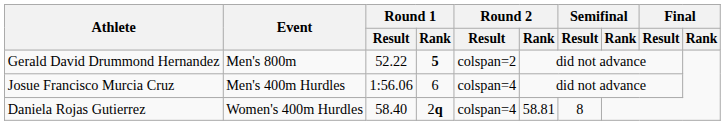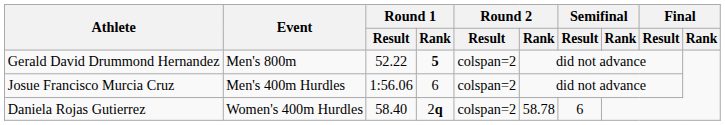 <table class="wikitable" style="font-size:90%">
 <tr>
 <th rowspan="2">Athlete</th>
 <th rowspan="2">Event</th>
 <th colspan="2">Round 1</th>
 <th colspan="2">Round 2</th>
 <th colspan="2">Semifinal</th>
 <th colspan="2">Final</th>
 </tr>
 <tr style="font-size:95%">
 <th>Result</th>
 <th>Rank</th>
 <th>Result</th>
 <th>Rank</th>
 <th>Result</th>
 <th>Rank</th>
 <th>Result</th>
 <th>Rank</th>
 </tr>
 <tr align=center>
 <td align=left>Gerald David Drummond Hernandez</td>
 <td align=left>Men's 800m</td>
 <td>52.22</td>
 <td><strong>5</strong></td>
 <td>colspan=2 </td>
 <td colspan=4>did not advance</td>
 </tr>
 <tr align=center>
 <td align=left>Josue Francisco Murcia Cruz</td>
 <td align=left>Men's 400m Hurdles</td>
 <td>1:56.06</td>
 <td>6</td>
-<td>colspan=4 </td>
+<td>colspan=2 </td>
 <td colspan=4>did not advance</td>
 </tr>
 <tr align=center>
 <td align=left>Daniela Rojas Gutierrez</td>
 <td align=left>Women's 400m Hurdles</td>
 <td>58.40</td>
 <td>2<strong>q</strong></td>
-<td>colspan=4 </td>
-<td>58.81</td>
-<td>8</td>
+<td>colspan=2 </td>
+<td>58.78</td>
+<td>6</td>
 </tr>
 </table>
